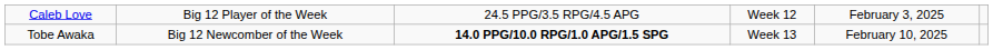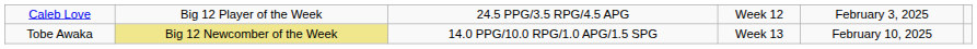 <table class="wikitable" style="width: 100%;text-align: center;">
 <tr align="center">
 <td><a href='#'>Caleb Love</a></td>
 <td>Big 12 Player of the Week</td>
 <td>24.5 PPG/3.5 RPG/4.5 APG</td>
 <td>Week 12</td>
 <td>February 3, 2025</td>
 <td></td>
 </tr>
 <tr align="center">
 <td>Tobe Awaka</td>
-<td>Big 12 Newcomber of the Week</td>
-<td><strong>14.0 PPG/10.0 RPG/1.0 APG/1.5 SPG</strong></td>
+<td style="background: khaki;">Big 12 Newcomber of the Week</td>
+<td>14.0 PPG/10.0 RPG/1.0 APG/1.5 SPG</td>
 <td>Week 13</td>
 <td>February 10, 2025</td>
 <td></td>
 </tr>
 </table>
